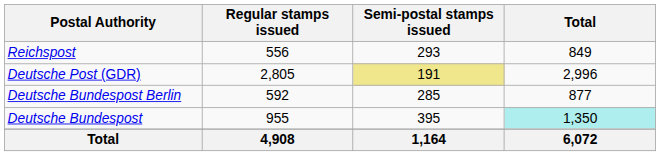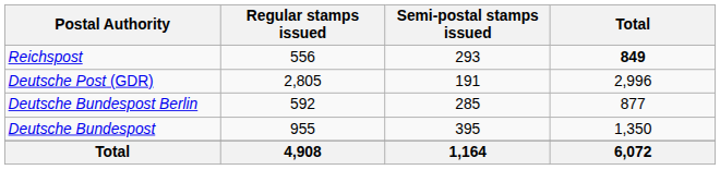 <table class="wikitable" style="width:60%">
 <tr bgcolor=lightgrey>
 <th width="30%" align=center>Postal Authority</th>
 <th width="23%" align=center>Regular stamps issued</th>
 <th width="23%" align=center>Semi-postal stamps issued</th>
 <th width="23%" align=center>Total</th>
 </tr>
 <tr>
 <td><em><a href='#'>Reichspost</a></em></td>
 <td align="center">556</td>
 <td align="center">293</td>
-<td align="center">849</td>
+<td align="center"><strong>849</strong></td>
 </tr>
 <tr>
 <td><a href='#'><em>Deutsche Post</em> (GDR)</a></td>
 <td align="center">2,805</td>
-<td align="center" style="background: khaki;">191</td>
+<td align="center">191</td>
 <td align="center">2,996</td>
 </tr>
 <tr>
 <td><em><a href='#'>Deutsche Bundespost Berlin</a></em></td>
 <td align="center">592</td>
 <td align="center">285</td>
 <td align="center">877</td>
 </tr>
 <tr>
 <td><em><a href='#'>Deutsche Bundespost</a></em></td>
 <td align="center">955</td>
 <td align="center">395</td>
-<td align="center" style="background: paleturquoise;">1,350</td>
+<td align="center">1,350</td>
 </tr>
 <tr>
 </tr>
 <tr bgcolor=lightgrey>
 <th><strong>Total</strong></th>
 <th align="center">4,908</th>
 <th align="center">1,164</th>
 <th align="center">6,072</th>
 </tr>
 </table>
